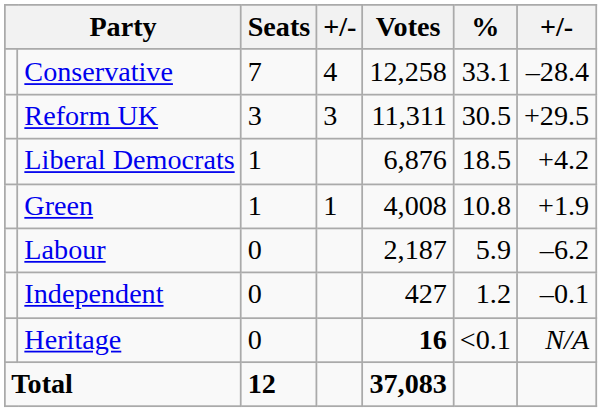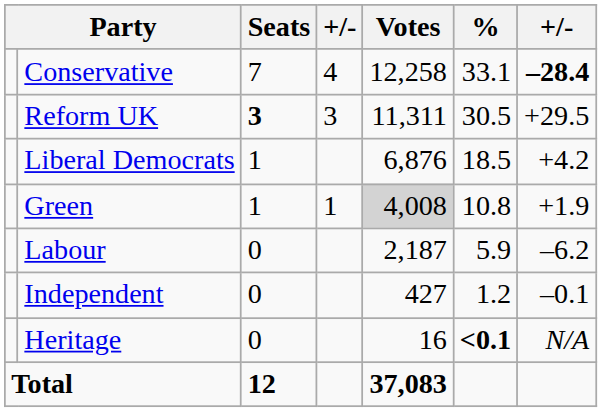 <table class="wikitable sortable">
 <tr>
 <th colspan="2">Party</th>
 <th>Seats</th>
 <th>+/-</th>
 <th>Votes</th>
 <th>%</th>
 <th>+/-</th>
 </tr>
 <tr>
 <td style="background-color: "></td>
 <td><a href='#'>Conservative</a></td>
 <td>7</td>
 <td> 4</td>
 <td style="text-align:right;">12,258</td>
 <td style="text-align:right;">33.1</td>
-<td style="text-align:right;">–28.4</td>
+<td style="text-align:right;"><strong>–28.4</strong></td>
 </tr>
 <tr>
 <td style="background-color: "></td>
 <td><a href='#'>Reform UK</a></td>
-<td>3</td>
+<td><strong>3</strong></td>
 <td> 3</td>
 <td style="text-align:right;">11,311</td>
 <td style="text-align:right;">30.5</td>
 <td style="text-align:right;">+29.5</td>
 </tr>
 <tr>
 <td style="background-color: "></td>
 <td><a href='#'>Liberal Democrats</a></td>
 <td>1</td>
 <td></td>
 <td style="text-align:right;">6,876</td>
 <td style="text-align:right;">18.5</td>
 <td style="text-align:right;">+4.2</td>
 </tr>
 <tr>
 <td style="background-color: "></td>
 <td><a href='#'>Green</a></td>
 <td>1</td>
 <td> 1</td>
-<td style="text-align:right;">4,008</td>
+<td style="background: lightgrey; text-align:right;">4,008</td>
 <td style="text-align:right;">10.8</td>
 <td style="text-align:right;">+1.9</td>
 </tr>
 <tr>
 <td style="background-color: "></td>
 <td><a href='#'>Labour</a></td>
 <td>0</td>
 <td></td>
 <td style="text-align:right;">2,187</td>
 <td style="text-align:right;">5.9</td>
 <td style="text-align:right;">–6.2</td>
 </tr>
 <tr>
 <td style="background-color: "></td>
 <td><a href='#'>Independent</a></td>
 <td>0</td>
 <td></td>
 <td style="text-align:right;">427</td>
 <td style="text-align:right;">1.2</td>
 <td style="text-align:right;">–0.1</td>
 </tr>
 <tr>
 <td style="background-color: "></td>
 <td><a href='#'>Heritage</a></td>
 <td>0</td>
 <td></td>
-<td style="text-align:right;"><strong>16</strong></td>
-<td style="text-align:right;"><0.1</td>
+<td style="text-align:right;">16</td>
+<td style="text-align:right;"><strong><0.1</strong></td>
 <td style="text-align:right;"><em>N/A</em></td>
 </tr>
 <tr>
 <td colspan="2"><strong>Total</strong></td>
 <td><strong>12</strong></td>
 <td></td>
 <td style="text-align:right;"><strong>37,083</strong></td>
 <td style="text-align:right;"></td>
 <td style="text-align:right;"></td>
 </tr>
 </table>
